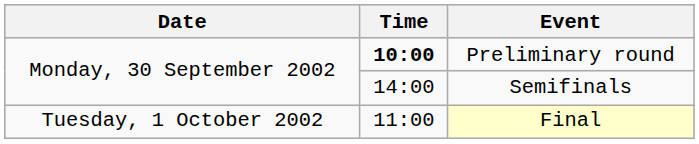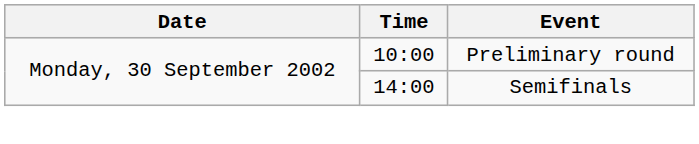 <table class = "wikitable" style="text-align:center;">
 <tr>
 <th width=220>Date</th>
 <th width=50>Time</th>
 <th width=150>Event</th>
 </tr>
 <tr>
 <td rowspan=2>Monday, 30 September 2002</td>
-<td><strong>10:00</strong></td>
+<td>10:00</td>
 <td>Preliminary round</td>
 </tr>
 <tr>
 <td>14:00</td>
 <td>Semifinals</td>
 </tr>
-<tr>
-<td>Tuesday, 1 October 2002</td>
-<td>11:00</td>
-<td bgcolor=ffffcc>Final</td>
-</tr>
 </table>
